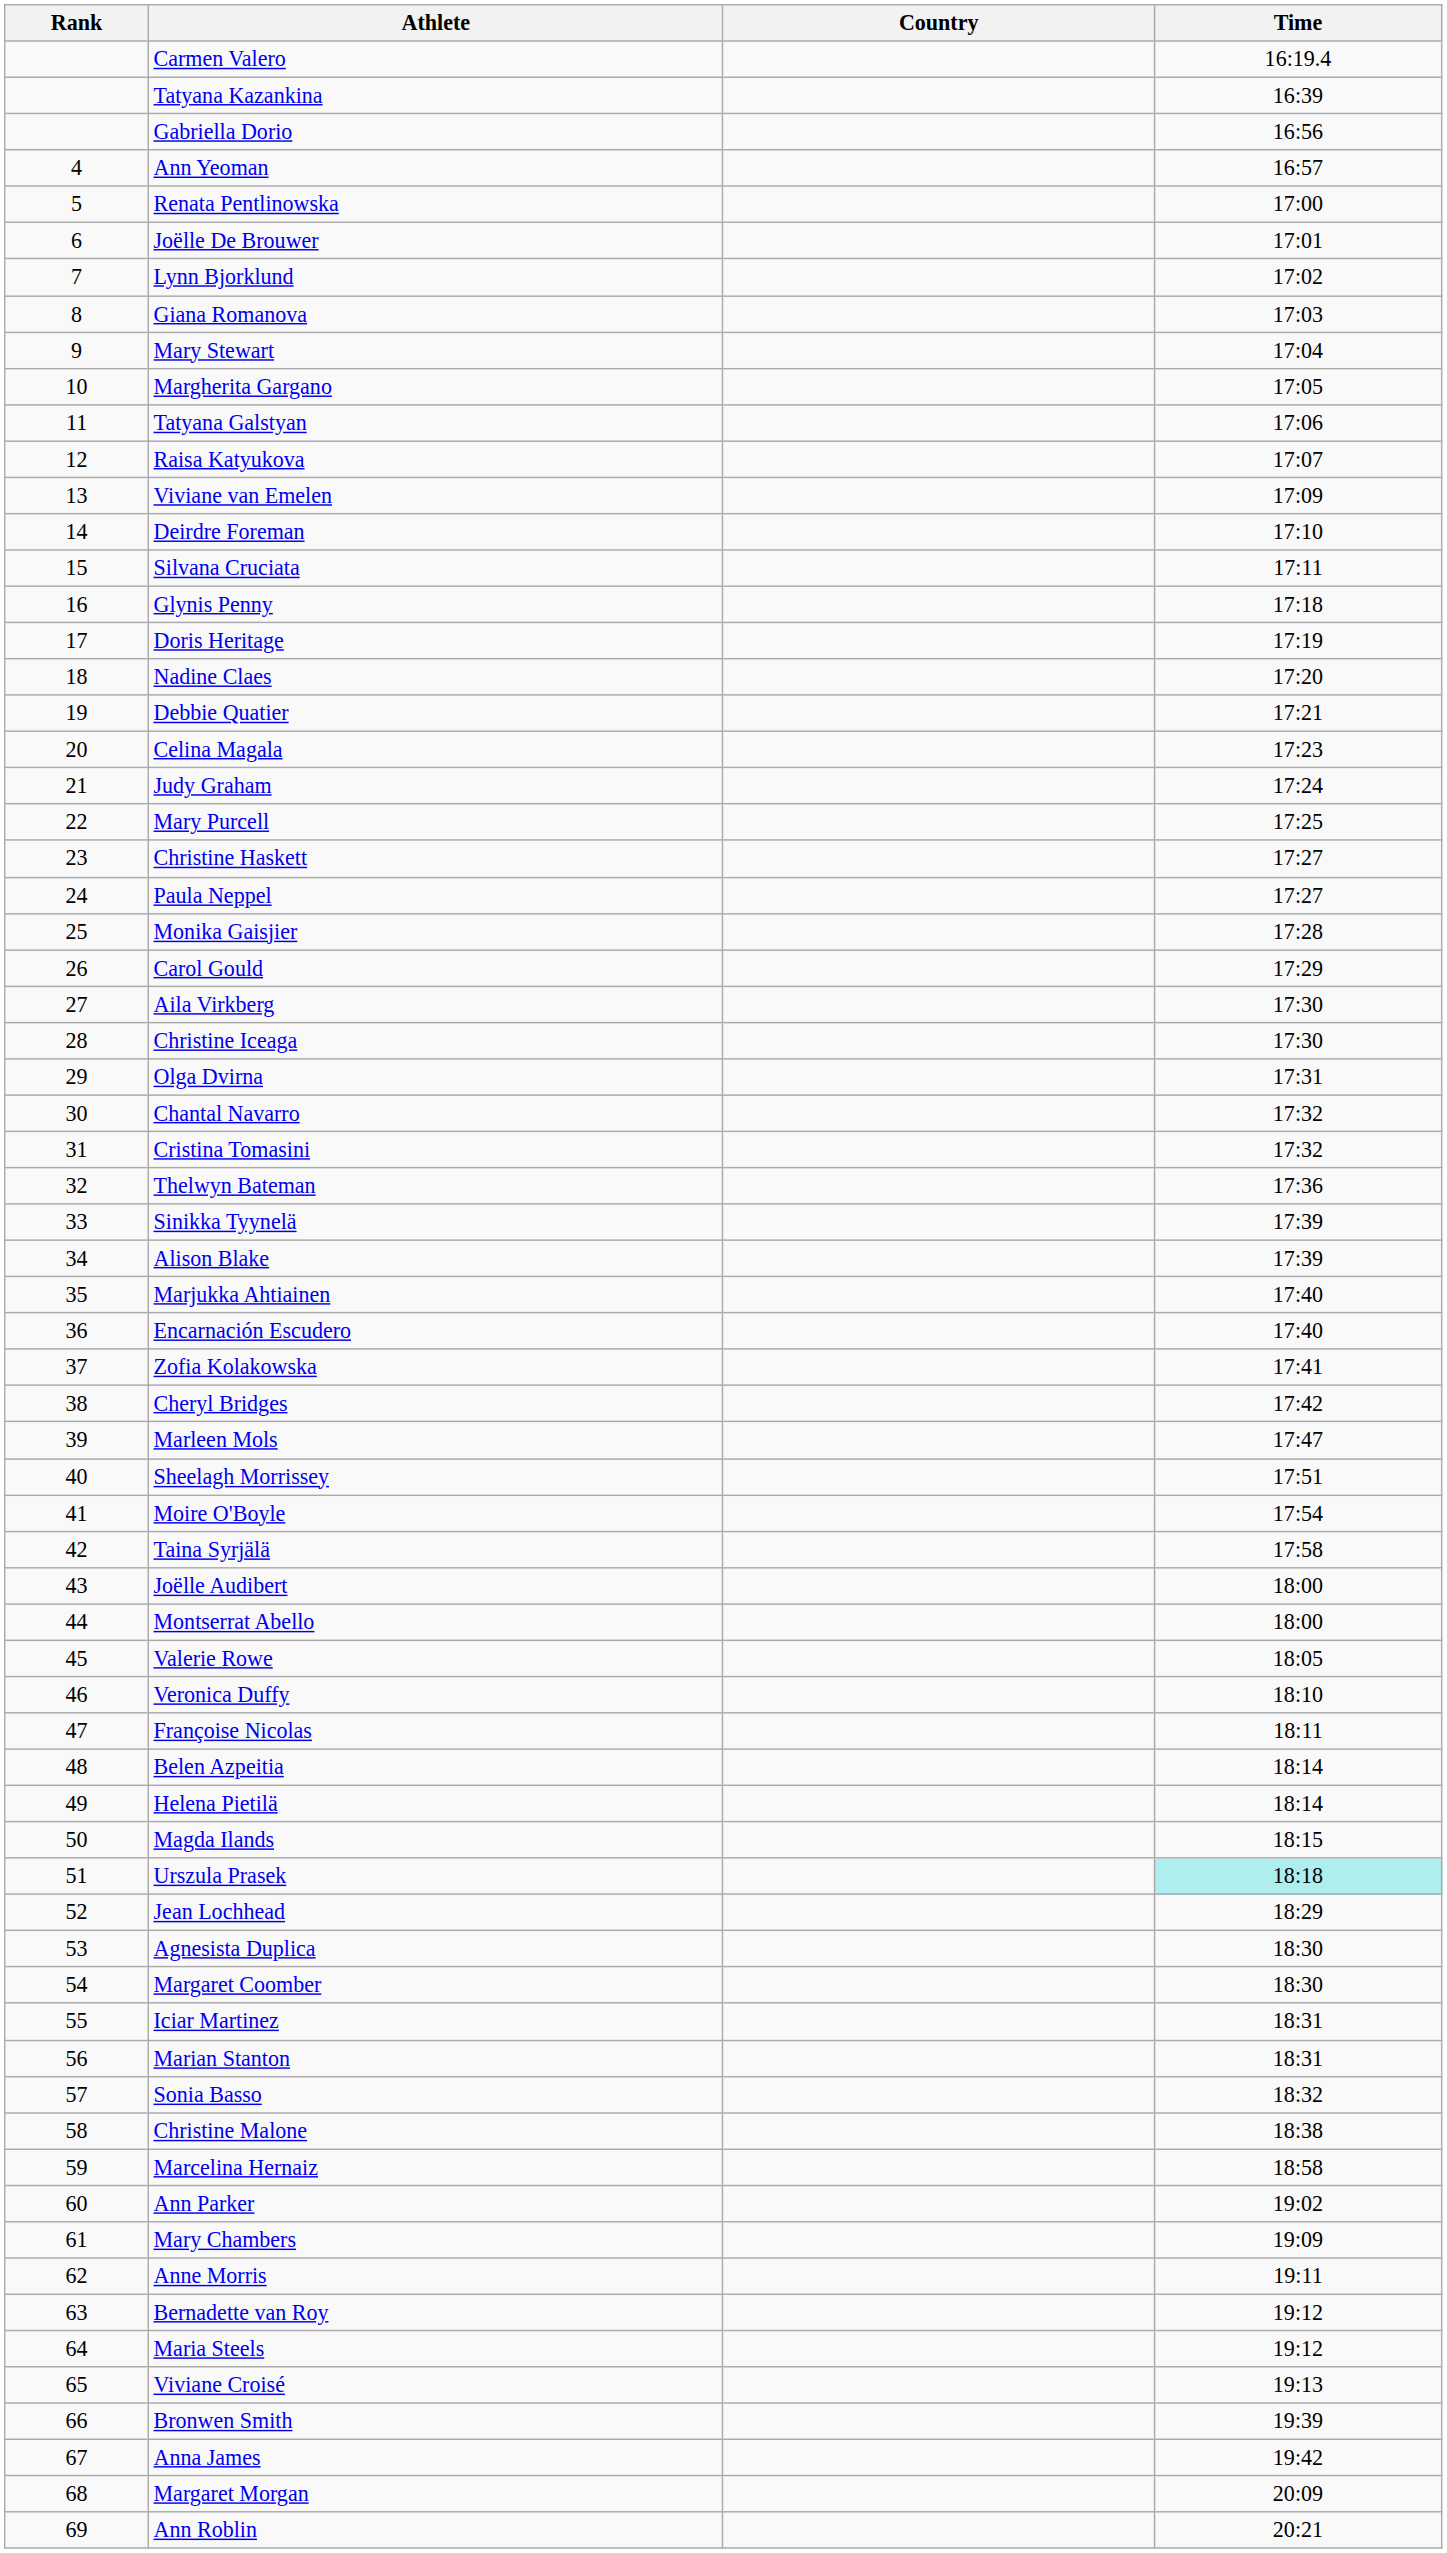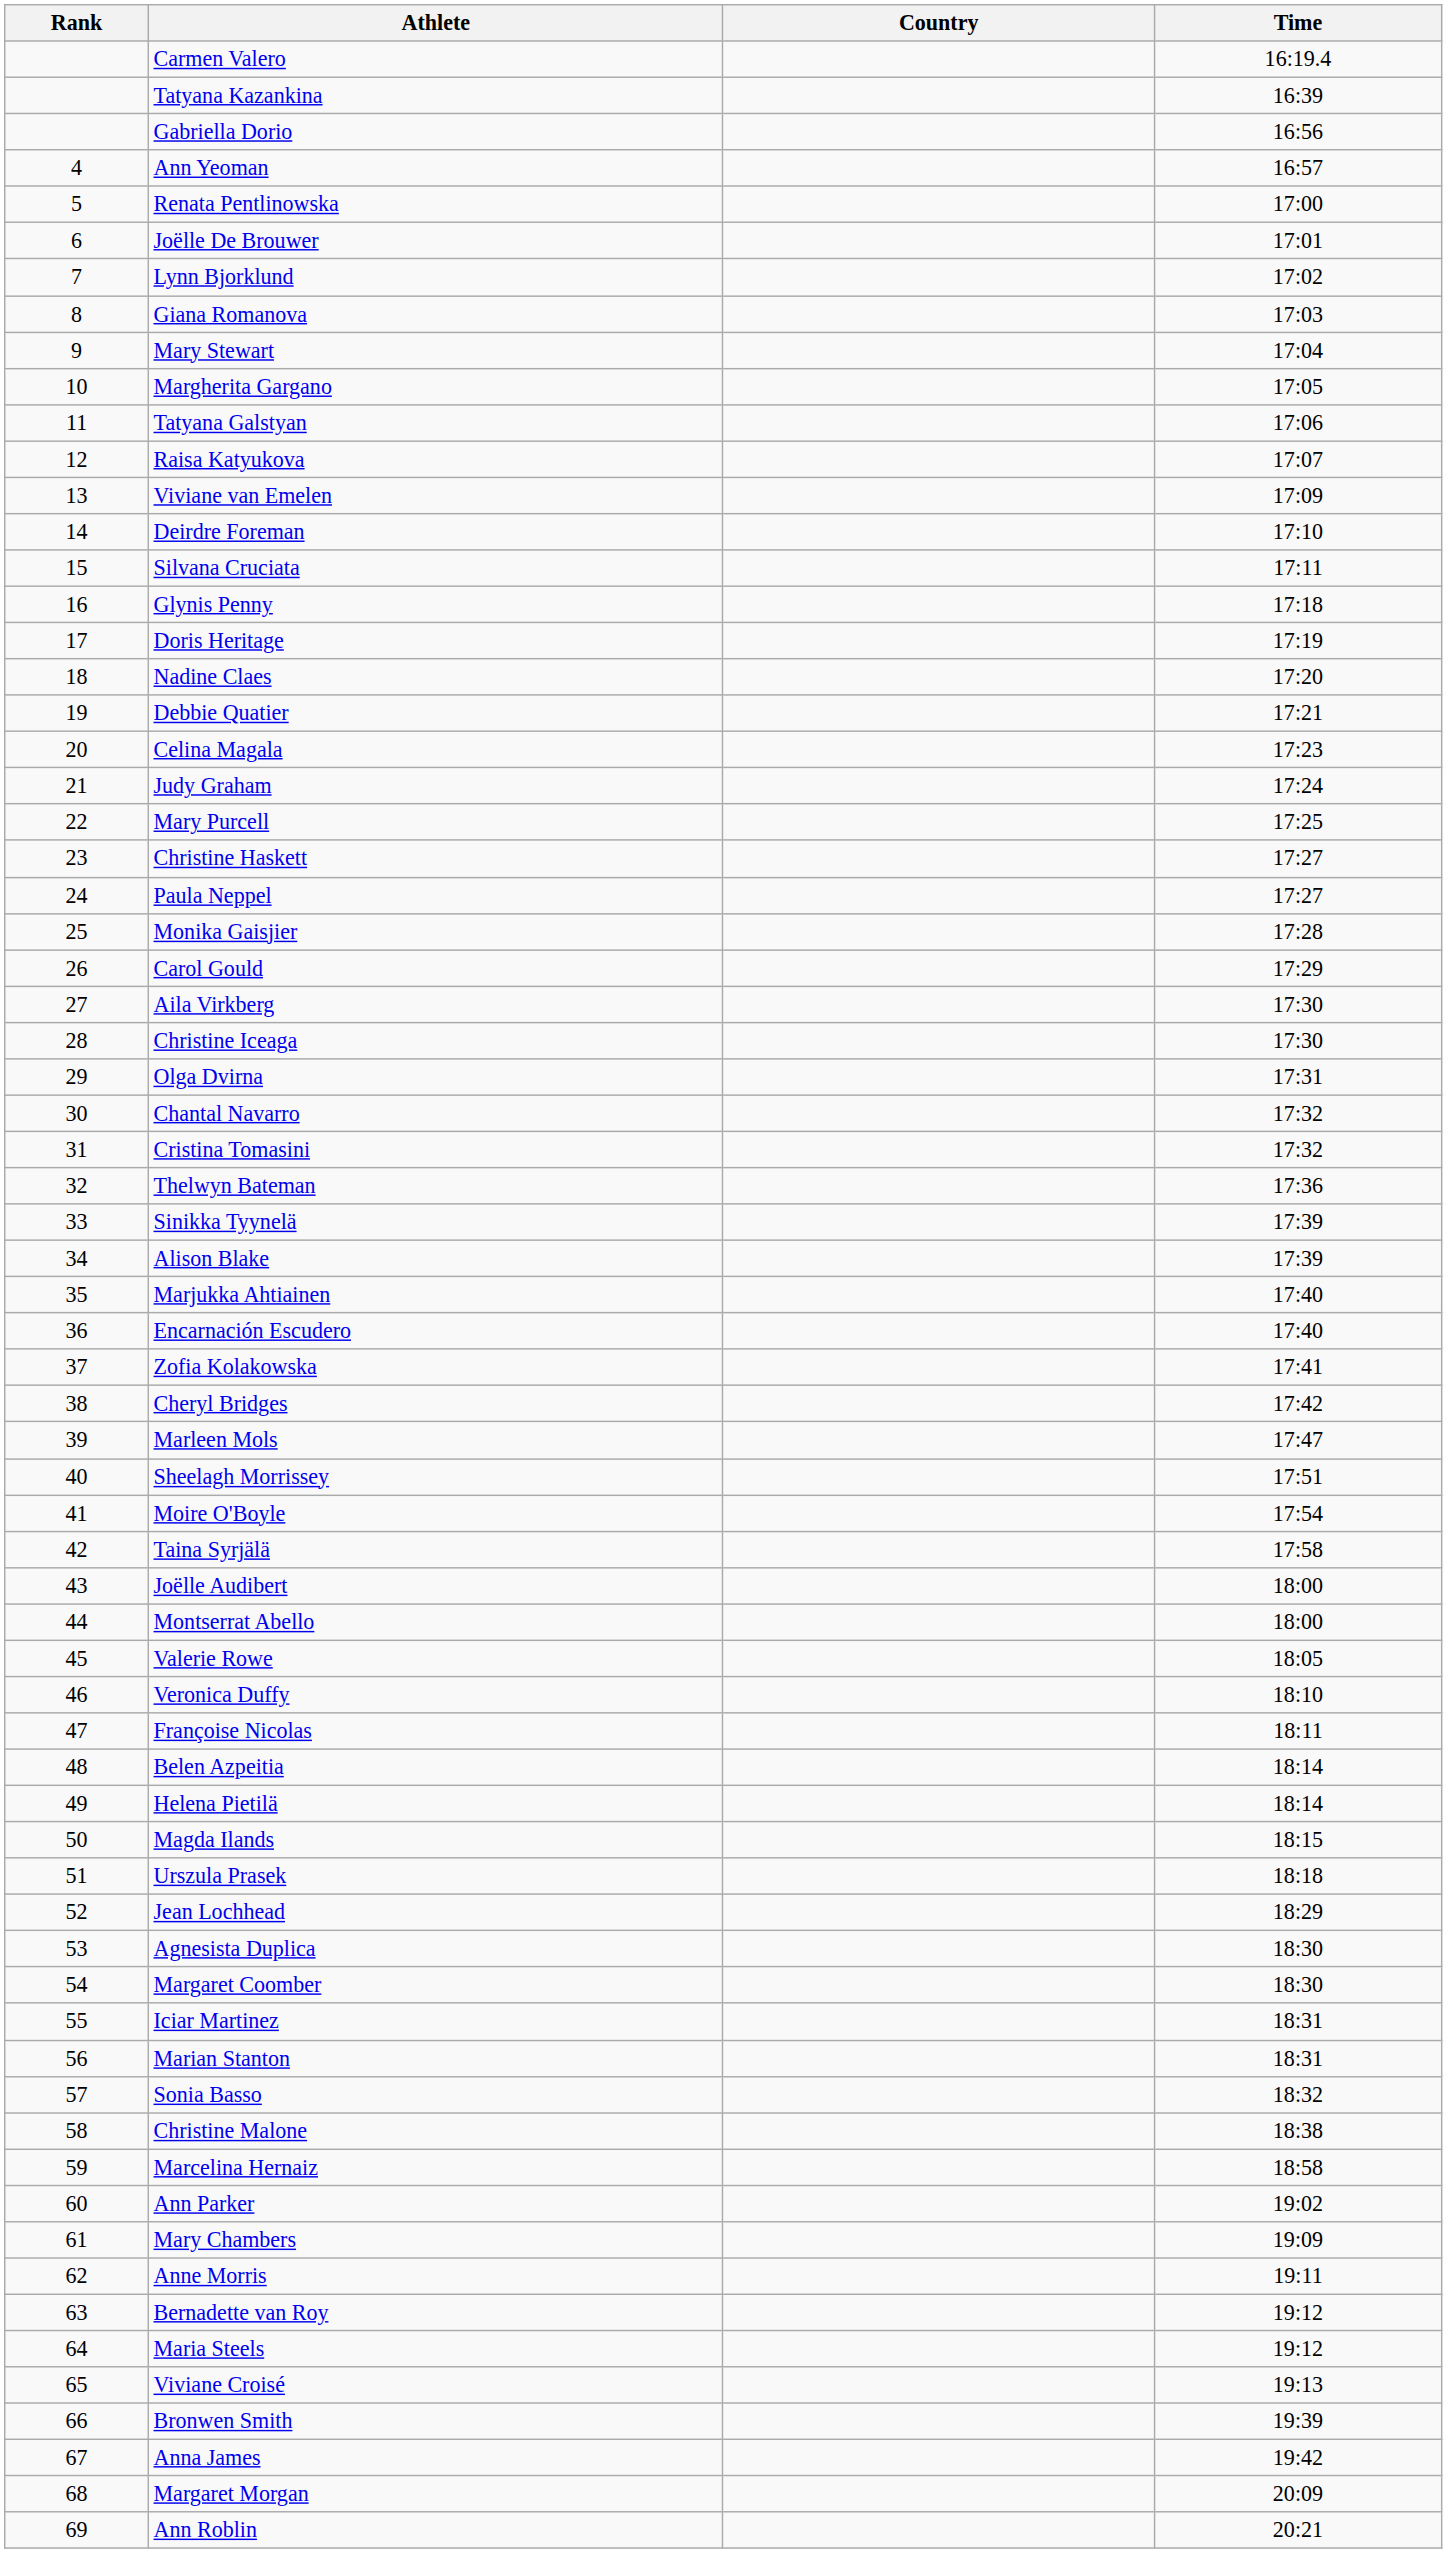 <table class="wikitable sortable" style=" text-align:center; font-size:95%;" width="50%">
 <tr>
 <th width=5%>Rank</th>
 <th width=20%>Athlete</th>
 <th width=15%>Country</th>
 <th width=10%>Time</th>
 </tr>
 <tr>
 <td align=center></td>
 <td align=left><a href='#'>Carmen Valero</a></td>
 <td align=left></td>
 <td>16:19.4</td>
 </tr>
 <tr>
 <td align=center></td>
 <td align=left><a href='#'>Tatyana Kazankina</a></td>
 <td align=left></td>
 <td>16:39</td>
 </tr>
 <tr>
 <td align=center></td>
 <td align=left><a href='#'>Gabriella Dorio</a></td>
 <td align=left></td>
 <td>16:56</td>
 </tr>
 <tr>
 <td align=center>4</td>
 <td align=left><a href='#'>Ann Yeoman</a></td>
 <td align=left></td>
 <td>16:57</td>
 </tr>
 <tr>
 <td align=center>5</td>
 <td align=left><a href='#'>Renata Pentlinowska</a></td>
 <td align=left></td>
 <td>17:00</td>
 </tr>
 <tr>
 <td align=center>6</td>
 <td align=left><a href='#'>Joëlle De Brouwer</a></td>
 <td align=left></td>
 <td>17:01</td>
 </tr>
 <tr>
 <td align=center>7</td>
 <td align=left><a href='#'>Lynn Bjorklund</a></td>
 <td align=left></td>
 <td>17:02</td>
 </tr>
 <tr>
 <td align=center>8</td>
 <td align=left><a href='#'>Giana Romanova</a></td>
 <td align=left></td>
 <td>17:03</td>
 </tr>
 <tr>
 <td align=center>9</td>
 <td align=left><a href='#'>Mary Stewart</a></td>
 <td align=left></td>
 <td>17:04</td>
 </tr>
 <tr>
 <td align=center>10</td>
 <td align=left><a href='#'>Margherita Gargano</a></td>
 <td align=left></td>
 <td>17:05</td>
 </tr>
 <tr>
 <td align=center>11</td>
 <td align=left><a href='#'>Tatyana Galstyan</a></td>
 <td align=left></td>
 <td>17:06</td>
 </tr>
 <tr>
 <td align=center>12</td>
 <td align=left><a href='#'>Raisa Katyukova</a></td>
 <td align=left></td>
 <td>17:07</td>
 </tr>
 <tr>
 <td align=center>13</td>
 <td align=left><a href='#'>Viviane van Emelen</a></td>
 <td align=left></td>
 <td>17:09</td>
 </tr>
 <tr>
 <td align=center>14</td>
 <td align=left><a href='#'>Deirdre Foreman</a></td>
 <td align=left></td>
 <td>17:10</td>
 </tr>
 <tr>
 <td align=center>15</td>
 <td align=left><a href='#'>Silvana Cruciata</a></td>
 <td align=left></td>
 <td>17:11</td>
 </tr>
 <tr>
 <td align=center>16</td>
 <td align=left><a href='#'>Glynis Penny</a></td>
 <td align=left></td>
 <td>17:18</td>
 </tr>
 <tr>
 <td align=center>17</td>
 <td align=left><a href='#'>Doris Heritage</a></td>
 <td align=left></td>
 <td>17:19</td>
 </tr>
 <tr>
 <td align=center>18</td>
 <td align=left><a href='#'>Nadine Claes</a></td>
 <td align=left></td>
 <td>17:20</td>
 </tr>
 <tr>
 <td align=center>19</td>
 <td align=left><a href='#'>Debbie Quatier</a></td>
 <td align=left></td>
 <td>17:21</td>
 </tr>
 <tr>
 <td align=center>20</td>
 <td align=left><a href='#'>Celina Magala</a></td>
 <td align=left></td>
 <td>17:23</td>
 </tr>
 <tr>
 <td align=center>21</td>
 <td align=left><a href='#'>Judy Graham</a></td>
 <td align=left></td>
 <td>17:24</td>
 </tr>
 <tr>
 <td align=center>22</td>
 <td align=left><a href='#'>Mary Purcell</a></td>
 <td align=left></td>
 <td>17:25</td>
 </tr>
 <tr>
 <td align=center>23</td>
 <td align=left><a href='#'>Christine Haskett</a></td>
 <td align=left></td>
 <td>17:27</td>
 </tr>
 <tr>
 <td align=center>24</td>
 <td align=left><a href='#'>Paula Neppel</a></td>
 <td align=left></td>
 <td>17:27</td>
 </tr>
 <tr>
 <td align=center>25</td>
 <td align=left><a href='#'>Monika Gaisjier</a></td>
 <td align=left></td>
 <td>17:28</td>
 </tr>
 <tr>
 <td align=center>26</td>
 <td align=left><a href='#'>Carol Gould</a></td>
 <td align=left></td>
 <td>17:29</td>
 </tr>
 <tr>
 <td align=center>27</td>
 <td align=left><a href='#'>Aila Virkberg</a></td>
 <td align=left></td>
 <td>17:30</td>
 </tr>
 <tr>
 <td align=center>28</td>
 <td align=left><a href='#'>Christine Iceaga</a></td>
 <td align=left></td>
 <td>17:30</td>
 </tr>
 <tr>
 <td align=center>29</td>
 <td align=left><a href='#'>Olga Dvirna</a></td>
 <td align=left></td>
 <td>17:31</td>
 </tr>
 <tr>
 <td align=center>30</td>
 <td align=left><a href='#'>Chantal Navarro</a></td>
 <td align=left></td>
 <td>17:32</td>
 </tr>
 <tr>
 <td align=center>31</td>
 <td align=left><a href='#'>Cristina Tomasini</a></td>
 <td align=left></td>
 <td>17:32</td>
 </tr>
 <tr>
 <td align=center>32</td>
 <td align=left><a href='#'>Thelwyn Bateman</a></td>
 <td align=left></td>
 <td>17:36</td>
 </tr>
 <tr>
 <td align=center>33</td>
 <td align=left><a href='#'>Sinikka Tyynelä</a></td>
 <td align=left></td>
 <td>17:39</td>
 </tr>
 <tr>
 <td align=center>34</td>
 <td align=left><a href='#'>Alison Blake</a></td>
 <td align=left></td>
 <td>17:39</td>
 </tr>
 <tr>
 <td align=center>35</td>
 <td align=left><a href='#'>Marjukka Ahtiainen</a></td>
 <td align=left></td>
 <td>17:40</td>
 </tr>
 <tr>
 <td align=center>36</td>
 <td align=left><a href='#'>Encarnación Escudero</a></td>
 <td align=left></td>
 <td>17:40</td>
 </tr>
 <tr>
 <td align=center>37</td>
 <td align=left><a href='#'>Zofia Kolakowska</a></td>
 <td align=left></td>
 <td>17:41</td>
 </tr>
 <tr>
 <td align=center>38</td>
 <td align=left><a href='#'>Cheryl Bridges</a></td>
 <td align=left></td>
 <td>17:42</td>
 </tr>
 <tr>
 <td align=center>39</td>
 <td align=left><a href='#'>Marleen Mols</a></td>
 <td align=left></td>
 <td>17:47</td>
 </tr>
 <tr>
 <td align=center>40</td>
 <td align=left><a href='#'>Sheelagh Morrissey</a></td>
 <td align=left></td>
 <td>17:51</td>
 </tr>
 <tr>
 <td align=center>41</td>
 <td align=left><a href='#'>Moire O'Boyle</a></td>
 <td align=left></td>
 <td>17:54</td>
 </tr>
 <tr>
 <td align=center>42</td>
 <td align=left><a href='#'>Taina Syrjälä</a></td>
 <td align=left></td>
 <td>17:58</td>
 </tr>
 <tr>
 <td align=center>43</td>
 <td align=left><a href='#'>Joëlle Audibert</a></td>
 <td align=left></td>
 <td>18:00</td>
 </tr>
 <tr>
 <td align=center>44</td>
 <td align=left><a href='#'>Montserrat Abello</a></td>
 <td align=left></td>
 <td>18:00</td>
 </tr>
 <tr>
 <td align=center>45</td>
 <td align=left><a href='#'>Valerie Rowe</a></td>
 <td align=left></td>
 <td>18:05</td>
 </tr>
 <tr>
 <td align=center>46</td>
 <td align=left><a href='#'>Veronica Duffy</a></td>
 <td align=left></td>
 <td>18:10</td>
 </tr>
 <tr>
 <td align=center>47</td>
 <td align=left><a href='#'>Françoise Nicolas</a></td>
 <td align=left></td>
 <td>18:11</td>
 </tr>
 <tr>
 <td align=center>48</td>
 <td align=left><a href='#'>Belen Azpeitia</a></td>
 <td align=left></td>
 <td>18:14</td>
 </tr>
 <tr>
 <td align=center>49</td>
 <td align=left><a href='#'>Helena Pietilä</a></td>
 <td align=left></td>
 <td>18:14</td>
 </tr>
 <tr>
 <td align=center>50</td>
 <td align=left><a href='#'>Magda Ilands</a></td>
 <td align=left></td>
 <td>18:15</td>
 </tr>
 <tr>
 <td align=center>51</td>
 <td align=left><a href='#'>Urszula Prasek</a></td>
 <td align=left></td>
-<td style="background: paleturquoise;">18:18</td>
+<td>18:18</td>
 </tr>
 <tr>
 <td align=center>52</td>
 <td align=left><a href='#'>Jean Lochhead</a></td>
 <td align=left></td>
 <td>18:29</td>
 </tr>
 <tr>
 <td align=center>53</td>
 <td align=left><a href='#'>Agnesista Duplica</a></td>
 <td align=left></td>
 <td>18:30</td>
 </tr>
 <tr>
 <td align=center>54</td>
 <td align=left><a href='#'>Margaret Coomber</a></td>
 <td align=left></td>
 <td>18:30</td>
 </tr>
 <tr>
 <td align=center>55</td>
 <td align=left><a href='#'>Iciar Martinez</a></td>
 <td align=left></td>
 <td>18:31</td>
 </tr>
 <tr>
 <td align=center>56</td>
 <td align=left><a href='#'>Marian Stanton</a></td>
 <td align=left></td>
 <td>18:31</td>
 </tr>
 <tr>
 <td align=center>57</td>
 <td align=left><a href='#'>Sonia Basso</a></td>
 <td align=left></td>
 <td>18:32</td>
 </tr>
 <tr>
 <td align=center>58</td>
 <td align=left><a href='#'>Christine Malone</a></td>
 <td align=left></td>
 <td>18:38</td>
 </tr>
 <tr>
 <td align=center>59</td>
 <td align=left><a href='#'>Marcelina Hernaiz</a></td>
 <td align=left></td>
 <td>18:58</td>
 </tr>
 <tr>
 <td align=center>60</td>
 <td align=left><a href='#'>Ann Parker</a></td>
 <td align=left></td>
 <td>19:02</td>
 </tr>
 <tr>
 <td align=center>61</td>
 <td align=left><a href='#'>Mary Chambers</a></td>
 <td align=left></td>
 <td>19:09</td>
 </tr>
 <tr>
 <td align=center>62</td>
 <td align=left><a href='#'>Anne Morris</a></td>
 <td align=left></td>
 <td>19:11</td>
 </tr>
 <tr>
 <td align=center>63</td>
 <td align=left><a href='#'>Bernadette van Roy</a></td>
 <td align=left></td>
 <td>19:12</td>
 </tr>
 <tr>
 <td align=center>64</td>
 <td align=left><a href='#'>Maria Steels</a></td>
 <td align=left></td>
 <td>19:12</td>
 </tr>
 <tr>
 <td align=center>65</td>
 <td align=left><a href='#'>Viviane Croisé</a></td>
 <td align=left></td>
 <td>19:13</td>
 </tr>
 <tr>
 <td align=center>66</td>
 <td align=left><a href='#'>Bronwen Smith</a></td>
 <td align=left></td>
 <td>19:39</td>
 </tr>
 <tr>
 <td align=center>67</td>
 <td align=left><a href='#'>Anna James</a></td>
 <td align=left></td>
 <td>19:42</td>
 </tr>
 <tr>
 <td align=center>68</td>
 <td align=left><a href='#'>Margaret Morgan</a></td>
 <td align=left></td>
 <td>20:09</td>
 </tr>
 <tr>
 <td align=center>69</td>
 <td align=left><a href='#'>Ann Roblin</a></td>
 <td align=left></td>
 <td>20:21</td>
 </tr>
 </table>
